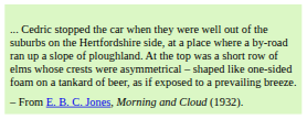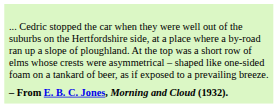 <table class="toccolours" style="float: right; margin-left: 1em; margin-right: 2em; font-size: 85%; background:#dbf7c5; color:black; width:30em; max-width: 40%;" cellspacing="5">
 <tr>
 <td style="text-align: left;"><br>... Cedric stopped the car when they were well out of the suburbs on the Hertfordshire side, at a place where a by-road ran up a slope of ploughland. At the top was a short row of elms whose crests were asymmetrical – shaped like one-sided foam on a tankard of beer, as if exposed to a prevailing breeze.</td>
 </tr>
 <tr>
-<td style="text-align: left;">– From <a href='#'>E. B. C. Jones</a>, <em>Morning and Cloud</em> (1932).</td>
+<td style="text-align: left;"><strong>– From <a href='#'>E. B. C. Jones</a>, <em>Morning and Cloud</em> (1932).</strong></td>
 </tr>
 </table>
